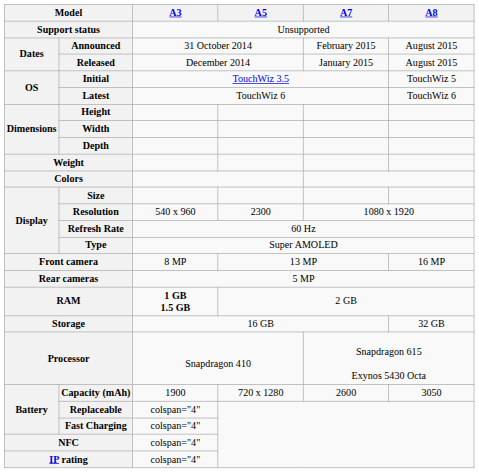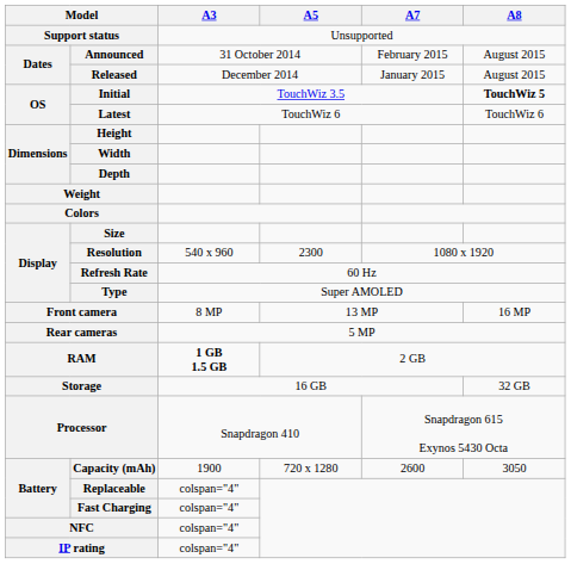 <table class="wikitable" style="text-align:center; font-size:90%;">
 <tr>
 <th colspan="2">Model</th>
 <th style="min-width: 8em"><a href='#'>A3</a></th>
 <th style="min-width: 8em"><a href='#'>A5</a></th>
 <th style="min-width: 8em"><a href='#'>A7</a></th>
 <th style="min-width: 8em"><a href='#'>A8</a></th>
 </tr>
 <tr>
 <th colspan="2">Support status</th>
 <td colspan="4">Unsupported</td>
 </tr>
 <tr>
 <th rowspan="2">Dates</th>
 <th>Announced</th>
 <td colspan="2">31 October 2014</td>
 <td>February 2015</td>
 <td>August 2015</td>
 </tr>
 <tr>
 <th>Released</th>
 <td colspan="2">December 2014</td>
 <td>January 2015</td>
 <td>August 2015</td>
 </tr>
 <tr>
 <th rowspan="2">OS</th>
 <th>Initial</th>
 <td colspan="3"><a href='#'>TouchWiz 3.5</a><br></td>
-<td>TouchWiz 5<br></td>
+<td><strong>TouchWiz 5<br></strong></td>
 </tr>
 <tr>
 <th>Latest</th>
 <td colspan="3">TouchWiz 6<br></td>
 <td>TouchWiz 6<br></td>
 </tr>
 <tr>
 <th rowspan="3">Dimensions<br></th>
 <th>Height</th>
 <td></td>
 <td></td>
 <td></td>
 <td></td>
 </tr>
 <tr>
 <th>Width</th>
 <td></td>
 <td></td>
 <td></td>
 <td></td>
 </tr>
 <tr>
 <th>Depth</th>
 <td></td>
 <td></td>
 <td></td>
 <td></td>
 </tr>
 <tr>
 <th colspan="2">Weight<br></th>
 <td></td>
 <td></td>
 <td></td>
 <td></td>
 </tr>
 <tr>
 <th colspan="2">Colors</th>
 <td colspan="2">     </td>
 <td colspan="2">  </td>
 </tr>
 <tr>
 <th rowspan="4">Display</th>
 <th>Size</th>
 <td></td>
 <td></td>
 <td></td>
 <td></td>
 </tr>
 <tr>
 <th>Resolution</th>
 <td>540 x 960</td>
 <td>2300</td>
 <td colspan="2">1080 x 1920</td>
 </tr>
 <tr>
 <th>Refresh Rate</th>
 <td colspan="4">60 Hz</td>
 </tr>
 <tr>
 <th>Type</th>
 <td colspan="4">Super AMOLED</td>
 </tr>
 <tr>
 <th colspan="2">Front camera</th>
 <td>8 MP</td>
 <td colspan="2">13 MP</td>
 <td>16 MP</td>
 </tr>
 <tr>
 <th colspan="2">Rear cameras</th>
 <td colspan="4">5 MP</td>
 </tr>
 <tr>
 <th colspan="2">RAM</th>
 <td><strong>1 GB<br>1.5 GB</strong></td>
 <td colspan="3">2 GB</td>
 </tr>
 <tr>
 <th colspan="2">Storage</th>
 <td colspan="3">16 GB</td>
 <td>32 GB</td>
 </tr>
 <tr>
 <th colspan="2">Processor</th>
 <td colspan="2"><br>Snapdragon 410</td>
 <td colspan="2"><br>Snapdragon 615<br><br>Exynos 5430 Octa</td>
 </tr>
 <tr>
 <th rowspan="3">Battery</th>
 <th>Capacity (mAh)</th>
 <td>1900</td>
 <td>720 x 1280</td>
 <td>2600</td>
 <td>3050</td>
 </tr>
 <tr>
 <th>Replaceable</th>
 <td>colspan="4" </td>
 </tr>
 <tr>
 <th>Fast Charging</th>
 <td>colspan="4" </td>
 </tr>
 <tr>
 <th colspan="2">NFC</th>
 <td>colspan="4" </td>
 </tr>
 <tr>
 <th colspan="2"><a href='#'>IP</a> rating</th>
 <td>colspan="4" </td>
 </tr>
 </table>
